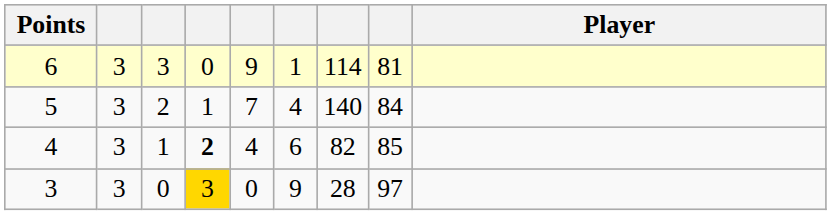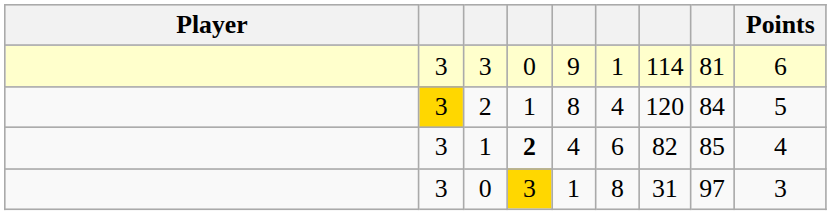 <table class="wikitable" style="text-align:center;">
 <tr>
-<th width="50">Points</th>
+<th width="250">Player</th>
 <th width="20"></th>
 <th width="20"></th>
 <th width="20"></th>
 <th width="20"></th>
 <th width="20"></th>
 <th width="20"></th>
 <th width="20"></th>
-<th width="250">Player</th>
+<th width="50">Points</th>
 </tr>
 <tr style="background-color:#ffffcc;">
-<td>6</td>
+<td style="text-align:left;"></td>
 <td>3</td>
 <td>3</td>
 <td>0</td>
 <td>9</td>
 <td>1</td>
 <td>114</td>
 <td>81</td>
-<td style="text-align:left;"></td>
+<td>6</td>
 </tr>
 <tr>
-<td>5</td>
-<td>3</td>
+<td style="text-align:left;"></td>
+<td style="background: gold;">3</td>
 <td>2</td>
 <td>1</td>
-<td>7</td>
+<td>8</td>
 <td>4</td>
-<td>140</td>
+<td>120</td>
 <td>84</td>
-<td style="text-align:left;"></td>
+<td>5</td>
 </tr>
 <tr>
-<td>4</td>
+<td style="text-align:left;"></td>
 <td>3</td>
 <td>1</td>
 <td><strong>2</strong></td>
 <td>4</td>
 <td>6</td>
 <td>82</td>
 <td>85</td>
-<td style="text-align:left;"></td>
+<td>4</td>
 </tr>
 <tr>
-<td>3</td>
+<td style="text-align:left;"></td>
 <td>3</td>
 <td>0</td>
 <td style="background: gold;">3</td>
-<td>0</td>
-<td>9</td>
-<td>28</td>
+<td>1</td>
+<td>8</td>
+<td>31</td>
 <td>97</td>
-<td style="text-align:left;"></td>
+<td>3</td>
 </tr>
 </table>
